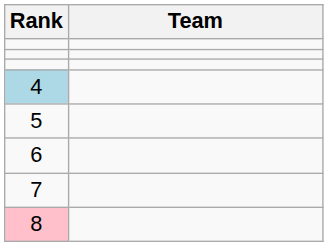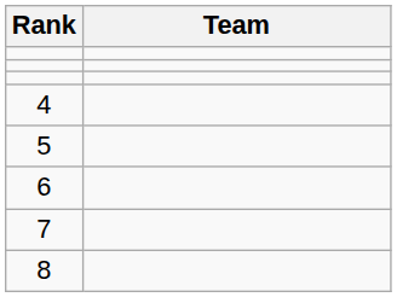 <table class=wikitable style="text-align:center;">
 <tr>
 <th>Rank</th>
 <th width=180>Team</th>
 </tr>
 <tr>
 <td></td>
 <td align=left></td>
 </tr>
 <tr>
 <td></td>
 <td align=left></td>
 </tr>
 <tr>
 <td></td>
 <td align=left></td>
 </tr>
 <tr>
-<td style="background: lightblue;">4</td>
+<td>4</td>
 <td align=left></td>
 </tr>
 <tr>
 <td>5</td>
 <td align=left></td>
 </tr>
 <tr>
 <td>6</td>
 <td align=left></td>
 </tr>
 <tr>
 <td>7</td>
 <td align=left></td>
 </tr>
 <tr>
-<td style="background: pink;">8</td>
+<td>8</td>
 <td align=left></td>
 </tr>
 </table>
